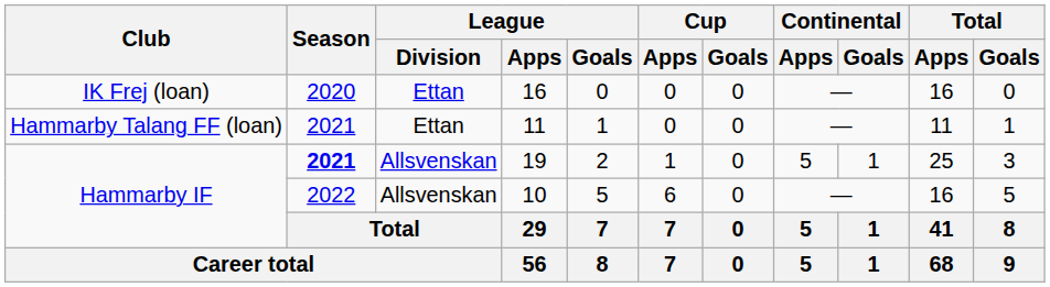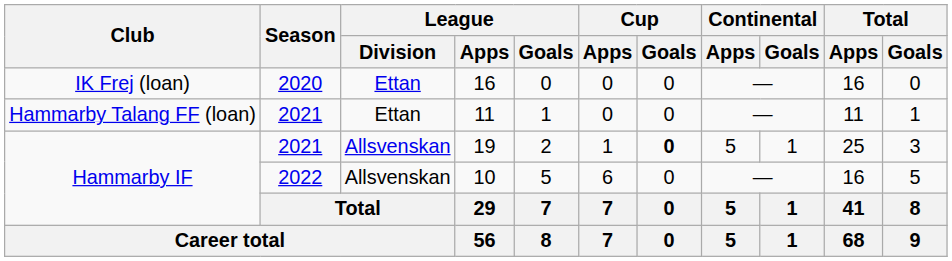 <table class="wikitable" style="text-align: center;">
 <tr>
 <th rowspan="2">Club</th>
 <th rowspan="2">Season</th>
 <th colspan="3">League</th>
 <th colspan="2">Cup</th>
 <th colspan="2">Continental</th>
 <th colspan="2">Total</th>
 </tr>
 <tr>
 <th>Division</th>
 <th>Apps</th>
 <th>Goals</th>
 <th>Apps</th>
 <th>Goals</th>
 <th>Apps</th>
 <th>Goals</th>
 <th>Apps</th>
 <th>Goals</th>
 </tr>
 <tr>
 <td><a href='#'>IK Frej</a> (loan)</td>
 <td><a href='#'>2020</a></td>
 <td><a href='#'>Ettan</a></td>
 <td>16</td>
 <td>0</td>
 <td>0</td>
 <td>0</td>
 <td colspan="2">—</td>
 <td>16</td>
 <td>0</td>
 </tr>
 <tr>
 <td><a href='#'>Hammarby Talang FF</a> (loan)</td>
 <td><a href='#'>2021</a></td>
 <td>Ettan</td>
 <td>11</td>
 <td>1</td>
 <td>0</td>
 <td>0</td>
 <td colspan="2">—</td>
 <td>11</td>
 <td>1</td>
 </tr>
 <tr>
 <td rowspan="3"><a href='#'>Hammarby IF</a></td>
-<td><strong><a href='#'>2021</a></strong></td>
+<td><a href='#'>2021</a></td>
 <td><a href='#'>Allsvenskan</a></td>
 <td>19</td>
 <td>2</td>
 <td>1</td>
-<td>0</td>
+<td><strong>0</strong></td>
 <td>5</td>
 <td>1</td>
 <td>25</td>
 <td>3</td>
 </tr>
 <tr>
 <td><a href='#'>2022</a></td>
 <td>Allsvenskan</td>
 <td>10</td>
 <td>5</td>
 <td>6</td>
 <td>0</td>
 <td colspan="2">—</td>
 <td>16</td>
 <td>5</td>
 </tr>
 <tr>
 <th colspan="2">Total</th>
 <th>29</th>
 <th>7</th>
 <th>7</th>
 <th>0</th>
 <th>5</th>
 <th>1</th>
 <th>41</th>
 <th>8</th>
 </tr>
 <tr>
 <th colspan="3">Career total</th>
 <th>56</th>
 <th>8</th>
 <th>7</th>
 <th>0</th>
 <th>5</th>
 <th>1</th>
 <th>68</th>
 <th>9</th>
 </tr>
 </table>
